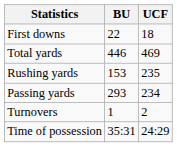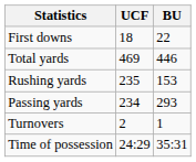 <table class="wikitable" style="float: left;">
 <tr>
 <th>Statistics</th>
+<th>UCF</th>
 <th>BU</th>
-<th>UCF</th>
 </tr>
 <tr>
 <td>First downs</td>
+<td>18</td>
 <td>22</td>
-<td>18</td>
 </tr>
 <tr>
 <td>Total yards</td>
+<td>469</td>
 <td>446</td>
-<td>469</td>
 </tr>
 <tr>
 <td>Rushing yards</td>
+<td>235</td>
 <td>153</td>
-<td>235</td>
 </tr>
 <tr>
 <td>Passing yards</td>
+<td>234</td>
 <td>293</td>
-<td>234</td>
 </tr>
 <tr>
 <td>Turnovers</td>
+<td>2</td>
 <td>1</td>
-<td>2</td>
 </tr>
 <tr>
 <td>Time of possession</td>
+<td>24:29</td>
 <td>35:31</td>
-<td>24:29</td>
 </tr>
 </table>
